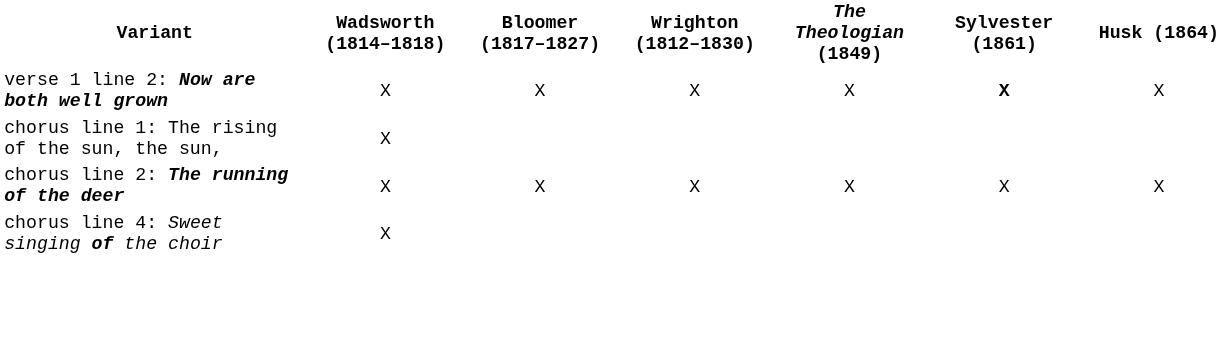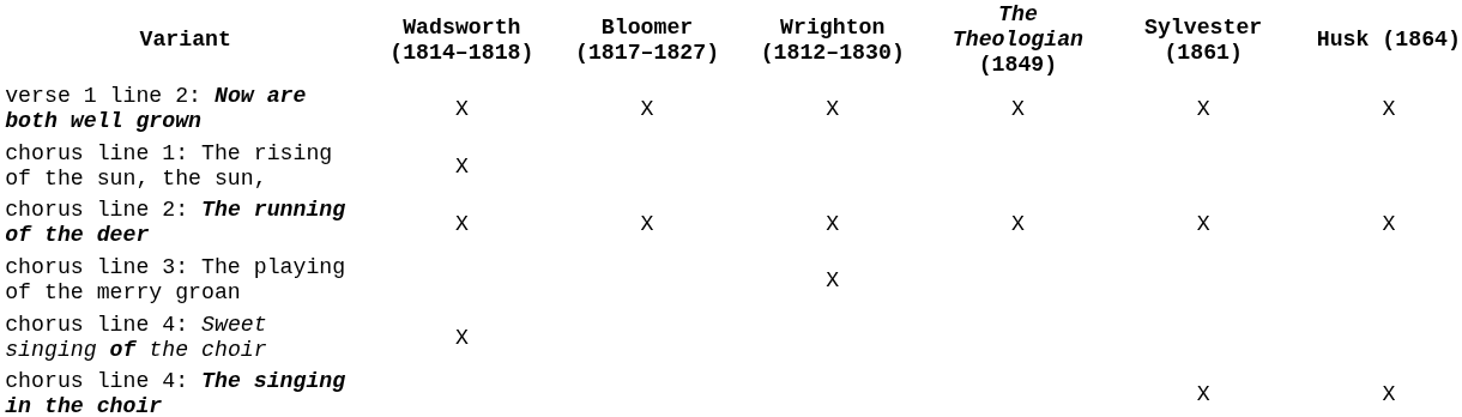 <table style="text-align:center;">
 <tr>
 <th style="width:20%;">Variant</th>
 <th style="width:10%;">Wadsworth (1814–1818)</th>
 <th style="width:10%;">Bloomer (1817–1827)</th>
 <th style="width:10%;">Wrighton (1812–1830)</th>
 <th style="width:10%;"><em>The Theologian</em> (1849)</th>
 <th style="width:10%;">Sylvester (1861)</th>
 <th style="width:10%;">Husk (1864)</th>
 </tr>
 <tr>
 <td style="text-align:left;">verse 1 line 2: <strong><em>Now are<strong> both well grown<em></td>
 <td>X</td>
 <td>X</td>
 <td>X</td>
 <td>X</td>
-<td><strong>X</strong></td>
+<td>X</td>
 <td>X</td>
 </tr>
 <tr>
 <td style="text-align:left;">chorus line 1: </em>The rising of the sun, </strong>the sun,</em></strong></td>
 <td>X</td>
 <td></td>
 <td></td>
 <td></td>
 <td></td>
 <td></td>
 </tr>
 <tr>
 <td style="text-align:left;">chorus line 2: <strong><em> <strong>The running of the deer<em></td>
 <td>X</td>
 <td>X</td>
 <td>X</td>
 <td>X</td>
 <td>X</td>
 <td>X</td>
 </tr>
 <tr>
+<td style="text-align:left;">chorus line 3: </em>The playing of the merry </strong>groan</em></strong> </td>
+<td></td>
+<td></td>
+<td>X</td>
+<td></td>
+<td></td>
+<td></td>
+</tr>
+<tr>
 <td style="text-align:left;">chorus line 4: <em>Sweet singing <strong>of</strong> the choir</em> <br></td>
 <td>X</td>
 <td></td>
 <td></td>
 <td></td>
 <td></td>
 <td></td>
 </tr>
+<tr>
+<td style="text-align:left;">chorus line 4: <strong><em>The<strong> singing in the choir<em> <br></td>
+<td></td>
+<td></td>
+<td></td>
+<td></td>
+<td>X</td>
+<td>X</td>
+</tr>
 </table>
